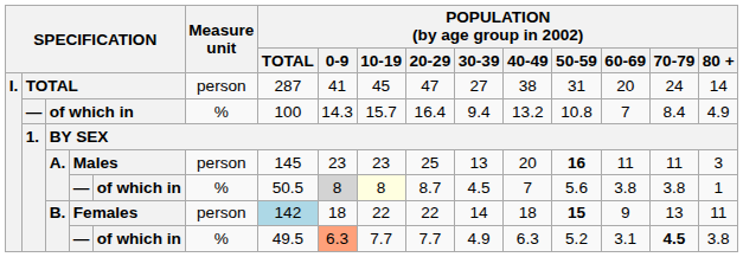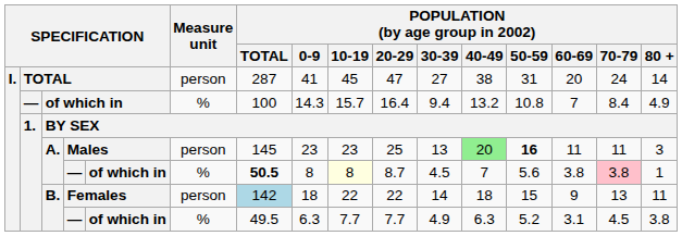 <table class="wikitable" style="font-size:85%; text-align:center">
 <tr>
 <th rowspan="2" colspan="5">SPECIFICATION</th>
 <th rowspan="2">Measure<br> unit</th>
 <th colspan="10" rowspan="1">POPULATION<br> (by age group in 2002)</th>
 </tr>
 <tr>
 <th>TOTAL</th>
 <th>0-9</th>
 <th>10-19</th>
 <th>20-29</th>
 <th>30-39</th>
 <th>40-49</th>
 <th>50-59</th>
 <th>60-69</th>
 <th>70-79</th>
 <th>80 +</th>
 </tr>
 <tr>
 <th style="text-align:left" valign="top" rowspan="7">I.</th>
 <th style="text-align:left" colspan="4">TOTAL</th>
 <td>person</td>
 <td>287</td>
 <td>41</td>
 <td>45</td>
 <td>47</td>
 <td>27</td>
 <td>38</td>
 <td>31</td>
 <td>20</td>
 <td>24</td>
 <td>14</td>
 </tr>
 <tr>
 <th style="text-align:left" valign="top">—</th>
 <th style="text-align:left" colspan="3">of which in</th>
 <td>%</td>
 <td>100</td>
 <td>14.3</td>
 <td>15.7</td>
 <td>16.4</td>
 <td>9.4</td>
 <td>13.2</td>
 <td>10.8</td>
 <td>7</td>
 <td>8.4</td>
 <td>4.9</td>
 </tr>
 <tr>
 <th style="text-align:left" valign="top" rowspan="5">1.</th>
 <th style="text-align:left" colspan="14">BY SEX</th>
 </tr>
 <tr>
 <th style="text-align:left" valign="top" rowspan="2">A.</th>
 <th style="text-align:left" colspan="2">Males</th>
 <td>person</td>
 <td>145</td>
 <td>23</td>
 <td>23</td>
 <td>25</td>
 <td>13</td>
-<td>20</td>
+<td style="background: lightgreen;">20</td>
 <td><strong>16</strong></td>
 <td>11</td>
 <td>11</td>
 <td>3</td>
 </tr>
 <tr>
 <th style="text-align:left" valign="top">—</th>
 <th style="text-align:left" colspan="1">of which in</th>
 <td>%</td>
-<td>50.5</td>
-<td style="background: lightgrey;">8</td>
+<td><strong>50.5</strong></td>
+<td>8</td>
 <td style="background: lightyellow;">8</td>
 <td>8.7</td>
 <td>4.5</td>
 <td>7</td>
 <td>5.6</td>
 <td>3.8</td>
-<td>3.8</td>
+<td style="background: pink;">3.8</td>
 <td>1</td>
 </tr>
 <tr>
 <th style="text-align:left" valign="top" rowspan="2">B.</th>
 <th style="text-align:left" colspan="2">Females</th>
 <td>person</td>
 <td style="background: lightblue;">142</td>
 <td>18</td>
 <td>22</td>
 <td>22</td>
 <td>14</td>
 <td>18</td>
-<td><strong>15</strong></td>
+<td>15</td>
 <td>9</td>
 <td>13</td>
 <td>11</td>
 </tr>
 <tr>
 <th style="text-align:left" valign="top">—</th>
 <th style="text-align:left" colspan="1">of which in</th>
 <td>%</td>
 <td>49.5</td>
-<td style="background: lightsalmon;">6.3</td>
+<td>6.3</td>
 <td>7.7</td>
 <td>7.7</td>
 <td>4.9</td>
 <td>6.3</td>
 <td>5.2</td>
 <td>3.1</td>
-<td><strong>4.5</strong></td>
+<td>4.5</td>
 <td>3.8</td>
 </tr>
 </table>
